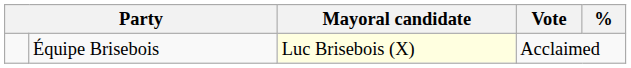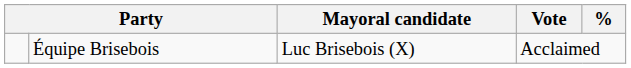 <table class="wikitable">
 <tr>
 <th bgcolor="#DDDDFF" width="230px" colspan="2">Party</th>
 <th bgcolor="#DDDDFF" width="200px">Mayoral candidate</th>
 <th bgcolor="#DDDDFF" width="50px">Vote</th>
 <th bgcolor="#DDDDFF" width="30px">%</th>
 </tr>
 <tr>
 <td> </td>
 <td>Équipe Brisebois</td>
-<td style="background: lightyellow;">Luc Brisebois (X)</td>
+<td>Luc Brisebois (X)</td>
 <td colspan="2">Acclaimed</td>
 </tr>
 </table>
